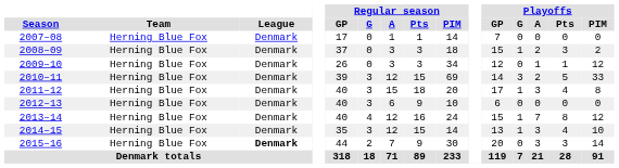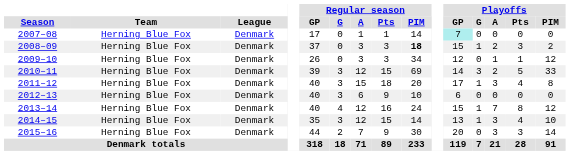 <table border="0" cellpadding="1" cellspacing="0" style="text-align:center; width:60em">
 <tr bgcolor="#e0e0e0">
 <th colspan="3" bgcolor="#ffffff"> </th>
 <th rowspan="99" bgcolor="#ffffff"> </th>
 <th colspan="5"><a href='#'>Regular season</a></th>
 <th rowspan="99" bgcolor="#ffffff"> </th>
 <th colspan="5"><a href='#'>Playoffs</a></th>
 </tr>
 <tr bgcolor="#e0e0e0">
 <th><a href='#'>Season</a></th>
 <th>Team</th>
 <th>League</th>
 <th>GP</th>
 <th><a href='#'>G</a></th>
 <th><a href='#'>A</a></th>
 <th><a href='#'>Pts</a></th>
 <th><a href='#'>PIM</a></th>
 <th>GP</th>
 <th>G</th>
 <th>A</th>
 <th>Pts</th>
 <th>PIM</th>
 </tr>
 <tr>
 <td><a href='#'>2007–08</a></td>
 <td><a href='#'>Herning Blue Fox</a></td>
 <td><a href='#'>Denmark</a></td>
 <td>17</td>
 <td>0</td>
 <td>1</td>
 <td>1</td>
 <td>14</td>
-<td>7</td>
+<td style="background: paleturquoise;">7</td>
 <td>0</td>
 <td>0</td>
 <td>0</td>
 <td>0</td>
 </tr>
 <tr bgcolor="#f0f0f0">
 <td><a href='#'>2008–09</a></td>
 <td>Herning Blue Fox</td>
 <td>Denmark</td>
 <td>37</td>
 <td>0</td>
 <td>3</td>
 <td>3</td>
-<td>18</td>
+<td><strong>18</strong></td>
 <td>15</td>
 <td>1</td>
 <td>2</td>
 <td>3</td>
 <td>2</td>
 </tr>
 <tr>
 <td><a href='#'>2009–10</a></td>
 <td>Herning Blue Fox</td>
 <td>Denmark</td>
 <td>26</td>
 <td>0</td>
 <td>3</td>
 <td>3</td>
 <td>34</td>
 <td>12</td>
 <td>0</td>
 <td>1</td>
 <td>1</td>
 <td>12</td>
 </tr>
 <tr bgcolor="#f0f0f0">
 <td><a href='#'>2010–11</a></td>
 <td>Herning Blue Fox</td>
 <td>Denmark</td>
 <td>39</td>
 <td>3</td>
 <td>12</td>
 <td>15</td>
 <td>69</td>
 <td>14</td>
 <td>3</td>
 <td>2</td>
 <td>5</td>
 <td>33</td>
 </tr>
 <tr>
 <td><a href='#'>2011–12</a></td>
 <td>Herning Blue Fox</td>
 <td>Denmark</td>
 <td>40</td>
 <td>3</td>
 <td>15</td>
 <td>18</td>
 <td>20</td>
 <td>17</td>
 <td>1</td>
 <td>3</td>
 <td>4</td>
 <td>8</td>
 </tr>
 <tr bgcolor="#f0f0f0">
 <td><a href='#'>2012–13</a></td>
 <td>Herning Blue Fox</td>
 <td>Denmark</td>
 <td>40</td>
 <td>3</td>
 <td>6</td>
 <td>9</td>
 <td>10</td>
 <td>6</td>
 <td>0</td>
 <td>0</td>
 <td>0</td>
 <td>0</td>
 </tr>
 <tr>
 <td><a href='#'>2013–14</a></td>
 <td>Herning Blue Fox</td>
 <td>Denmark</td>
 <td>40</td>
 <td>4</td>
 <td>12</td>
 <td>16</td>
 <td>24</td>
 <td>15</td>
 <td>1</td>
 <td>7</td>
 <td>8</td>
 <td>12</td>
 </tr>
 <tr bgcolor="#f0f0f0">
 <td><a href='#'>2014–15</a></td>
 <td>Herning Blue Fox</td>
 <td>Denmark</td>
 <td>35</td>
 <td>3</td>
 <td>12</td>
 <td>15</td>
 <td>14</td>
 <td>13</td>
 <td>1</td>
 <td>3</td>
 <td>4</td>
 <td>10</td>
 </tr>
 <tr>
 <td><a href='#'>2015–16</a></td>
 <td>Herning Blue Fox</td>
-<td><strong>Denmark</strong></td>
+<td>Denmark</td>
 <td>44</td>
 <td>2</td>
 <td>7</td>
 <td>9</td>
 <td>30</td>
 <td>20</td>
 <td>0</td>
 <td>3</td>
 <td>3</td>
 <td>14</td>
 </tr>
 <tr>
 </tr>
 <tr ALIGN="center" bgcolor="#e0e0e0">
 <th colspan="3">Denmark totals</th>
 <th ALIGN="center">318</th>
 <th ALIGN="center">18</th>
 <th ALIGN="center">71</th>
 <th ALIGN="center">89</th>
 <th ALIGN="center">233</th>
 <th ALIGN="center">119</th>
 <th ALIGN="center">7</th>
 <th ALIGN="center">21</th>
 <th ALIGN="center">28</th>
 <th ALIGN="center">91</th>
 </tr>
 </table>
